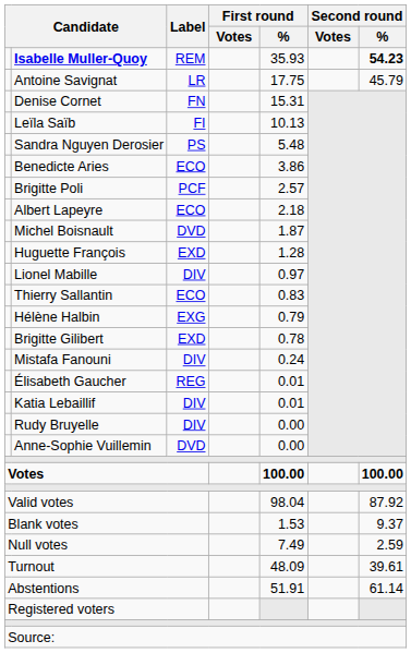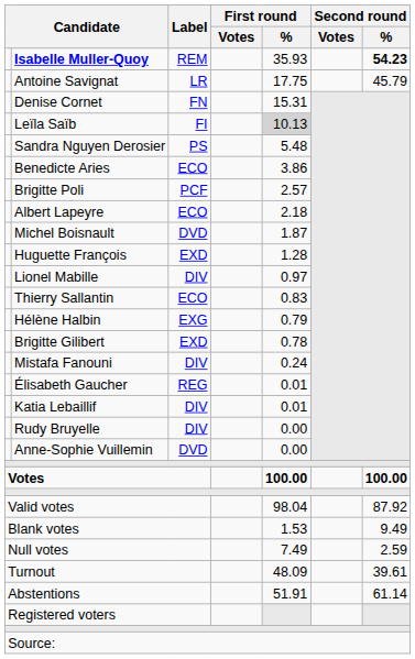 <table class="wikitable" style="text-align:right;font-size:95%;">
 <tr>
 <th rowspan="2" colspan="2">Candidate</th>
 <th rowspan="2">Label</th>
 <th colspan="2">First round</th>
 <th colspan="2">Second round</th>
 </tr>
 <tr>
 <th style="width:50px;">Votes</th>
 <th style="width:45px;">%</th>
 <th style="width:50px;">Votes</th>
 <th style="width:45px;">%</th>
 </tr>
 <tr>
 <td style="color:inherit;background:"></td>
 <td style="text-align:left;"><strong><a href='#'>Isabelle Muller-Quoy</a></strong></td>
 <td><a href='#'>REM</a></td>
 <td></td>
 <td>35.93</td>
 <td><strong></strong></td>
 <td><strong>54.23</strong></td>
 </tr>
 <tr>
 <td style="color:inherit;background:"></td>
 <td style="text-align:left;">Antoine Savignat</td>
 <td><a href='#'>LR</a></td>
 <td></td>
 <td>17.75</td>
 <td></td>
 <td>45.79</td>
 </tr>
 <tr>
 <td style="color:inherit;background:"></td>
 <td style="text-align:left;">Denise Cornet</td>
 <td><a href='#'>FN</a></td>
 <td></td>
 <td>15.31</td>
 <td colspan="2" rowspan="17" style="background:#E9E9E9;"></td>
 </tr>
 <tr>
 <td style="color:inherit;background:"></td>
 <td style="text-align:left;">Leïla Saïb</td>
 <td><a href='#'>FI</a></td>
 <td></td>
-<td>10.13</td>
+<td style="background: lightgrey;">10.13</td>
 </tr>
 <tr>
 <td style="color:inherit;background:"></td>
 <td style="text-align:left;">Sandra Nguyen Derosier</td>
 <td><a href='#'>PS</a></td>
 <td></td>
 <td>5.48</td>
 </tr>
 <tr>
 <td style="color:inherit;background:"></td>
 <td style="text-align:left;">Benedicte Aries</td>
 <td><a href='#'>ECO</a></td>
 <td></td>
 <td>3.86</td>
 </tr>
 <tr>
 <td style="color:inherit;background:"></td>
 <td style="text-align:left;">Brigitte Poli</td>
 <td><a href='#'>PCF</a></td>
 <td></td>
 <td>2.57</td>
 </tr>
 <tr>
 <td style="color:inherit;background:"></td>
 <td style="text-align:left;">Albert Lapeyre</td>
 <td><a href='#'>ECO</a></td>
 <td></td>
 <td>2.18</td>
 </tr>
 <tr>
 <td style="color:inherit;background:"></td>
 <td style="text-align:left;">Michel Boisnault</td>
 <td><a href='#'>DVD</a></td>
 <td></td>
 <td>1.87</td>
 </tr>
 <tr>
 <td style="color:inherit;background:"></td>
 <td style="text-align:left;">Huguette François</td>
 <td><a href='#'>EXD</a></td>
 <td></td>
 <td>1.28</td>
 </tr>
 <tr>
 <td style="color:inherit;background:"></td>
 <td style="text-align:left;">Lionel Mabille</td>
 <td><a href='#'>DIV</a></td>
 <td></td>
 <td>0.97</td>
 </tr>
 <tr>
 <td style="color:inherit;background:"></td>
 <td style="text-align:left;">Thierry Sallantin</td>
 <td><a href='#'>ECO</a></td>
 <td></td>
 <td>0.83</td>
 </tr>
 <tr>
 <td style="color:inherit;background:"></td>
 <td style="text-align:left;">Hélène Halbin</td>
 <td><a href='#'>EXG</a></td>
 <td></td>
 <td>0.79</td>
 </tr>
 <tr>
 <td style="color:inherit;background:"></td>
 <td style="text-align:left;">Brigitte Gilibert</td>
 <td><a href='#'>EXD</a></td>
 <td></td>
 <td>0.78</td>
 </tr>
 <tr>
 <td style="color:inherit;background:"></td>
 <td style="text-align:left;">Mistafa Fanouni</td>
 <td><a href='#'>DIV</a></td>
 <td></td>
 <td>0.24</td>
 </tr>
 <tr>
 <td style="color:inherit;background:"></td>
 <td style="text-align:left;">Élisabeth Gaucher</td>
 <td><a href='#'>REG</a></td>
 <td></td>
 <td>0.01</td>
 </tr>
 <tr>
 <td style="color:inherit;background:"></td>
 <td style="text-align:left;">Katia Lebaillif</td>
 <td><a href='#'>DIV</a></td>
 <td></td>
 <td>0.01</td>
 </tr>
 <tr>
 <td style="color:inherit;background:"></td>
 <td style="text-align:left;">Rudy Bruyelle</td>
 <td><a href='#'>DIV</a></td>
 <td></td>
 <td>0.00</td>
 </tr>
 <tr>
 <td style="color:inherit;background:"></td>
 <td style="text-align:left;">Anne-Sophie Vuillemin</td>
 <td><a href='#'>DVD</a></td>
 <td></td>
 <td>0.00</td>
 </tr>
 <tr>
 <td colspan="7" style="background:#E9E9E9;"></td>
 </tr>
 <tr style="font-weight:bold;">
 <td colspan="3" style="text-align:left;">Votes</td>
 <td></td>
 <td>100.00</td>
 <td></td>
 <td>100.00</td>
 </tr>
 <tr>
 <td colspan="7" style="background:#E9E9E9;"></td>
 </tr>
 <tr>
 <td colspan="3" style="text-align:left;">Valid votes</td>
 <td></td>
 <td>98.04</td>
 <td></td>
 <td>87.92</td>
 </tr>
 <tr>
 <td colspan="3" style="text-align:left;">Blank votes</td>
 <td></td>
 <td>1.53</td>
 <td></td>
-<td>9.37</td>
+<td>9.49</td>
 </tr>
 <tr>
 <td colspan="3" style="text-align:left;">Null votes</td>
 <td></td>
 <td>7.49</td>
 <td></td>
 <td>2.59</td>
 </tr>
 <tr>
 <td colspan="3" style="text-align:left;">Turnout</td>
 <td></td>
 <td>48.09</td>
 <td></td>
 <td>39.61</td>
 </tr>
 <tr>
 <td colspan="3" style="text-align:left;">Abstentions</td>
 <td></td>
 <td>51.91</td>
 <td></td>
 <td>61.14</td>
 </tr>
 <tr>
 <td colspan="3" style="text-align:left;">Registered voters</td>
 <td></td>
 <td style="color:inherit;background:#E9E9E9;"></td>
 <td></td>
 <td style="color:inherit;background:#E9E9E9;"></td>
 </tr>
 <tr>
 <td colspan="7" style="background:#E9E9E9;"></td>
 </tr>
 <tr>
 <td colspan="7" style="text-align:left;">Source: </td>
 </tr>
 </table>
